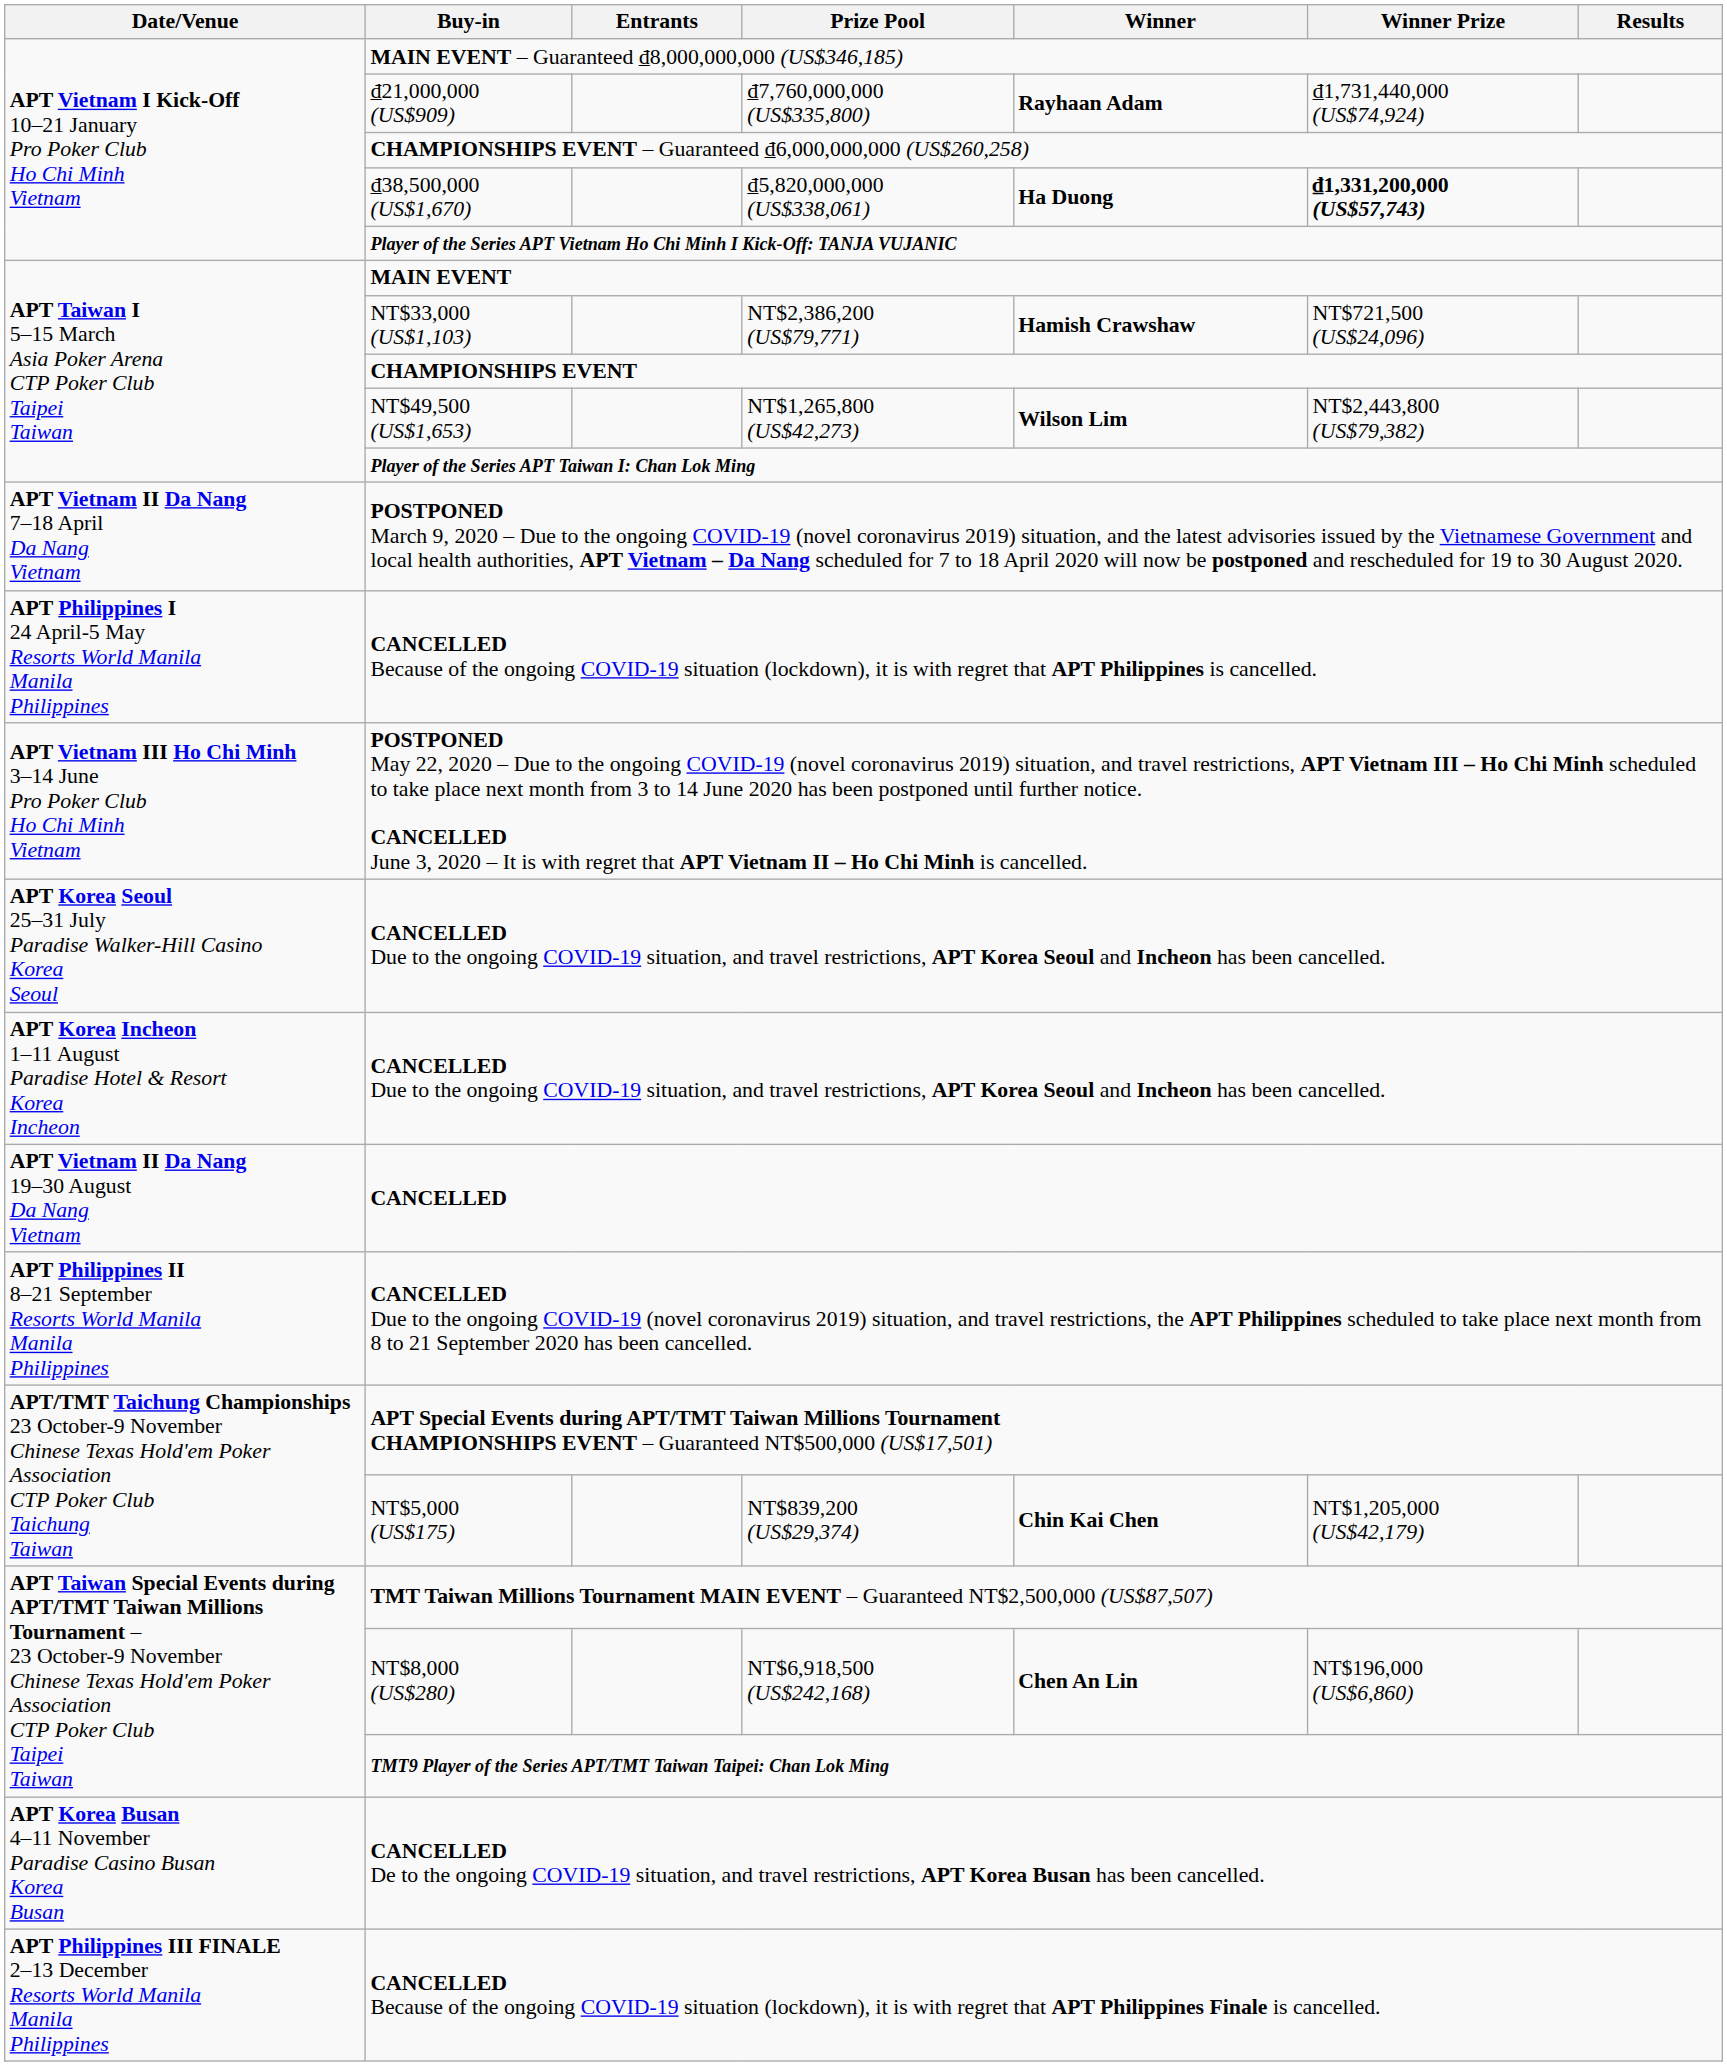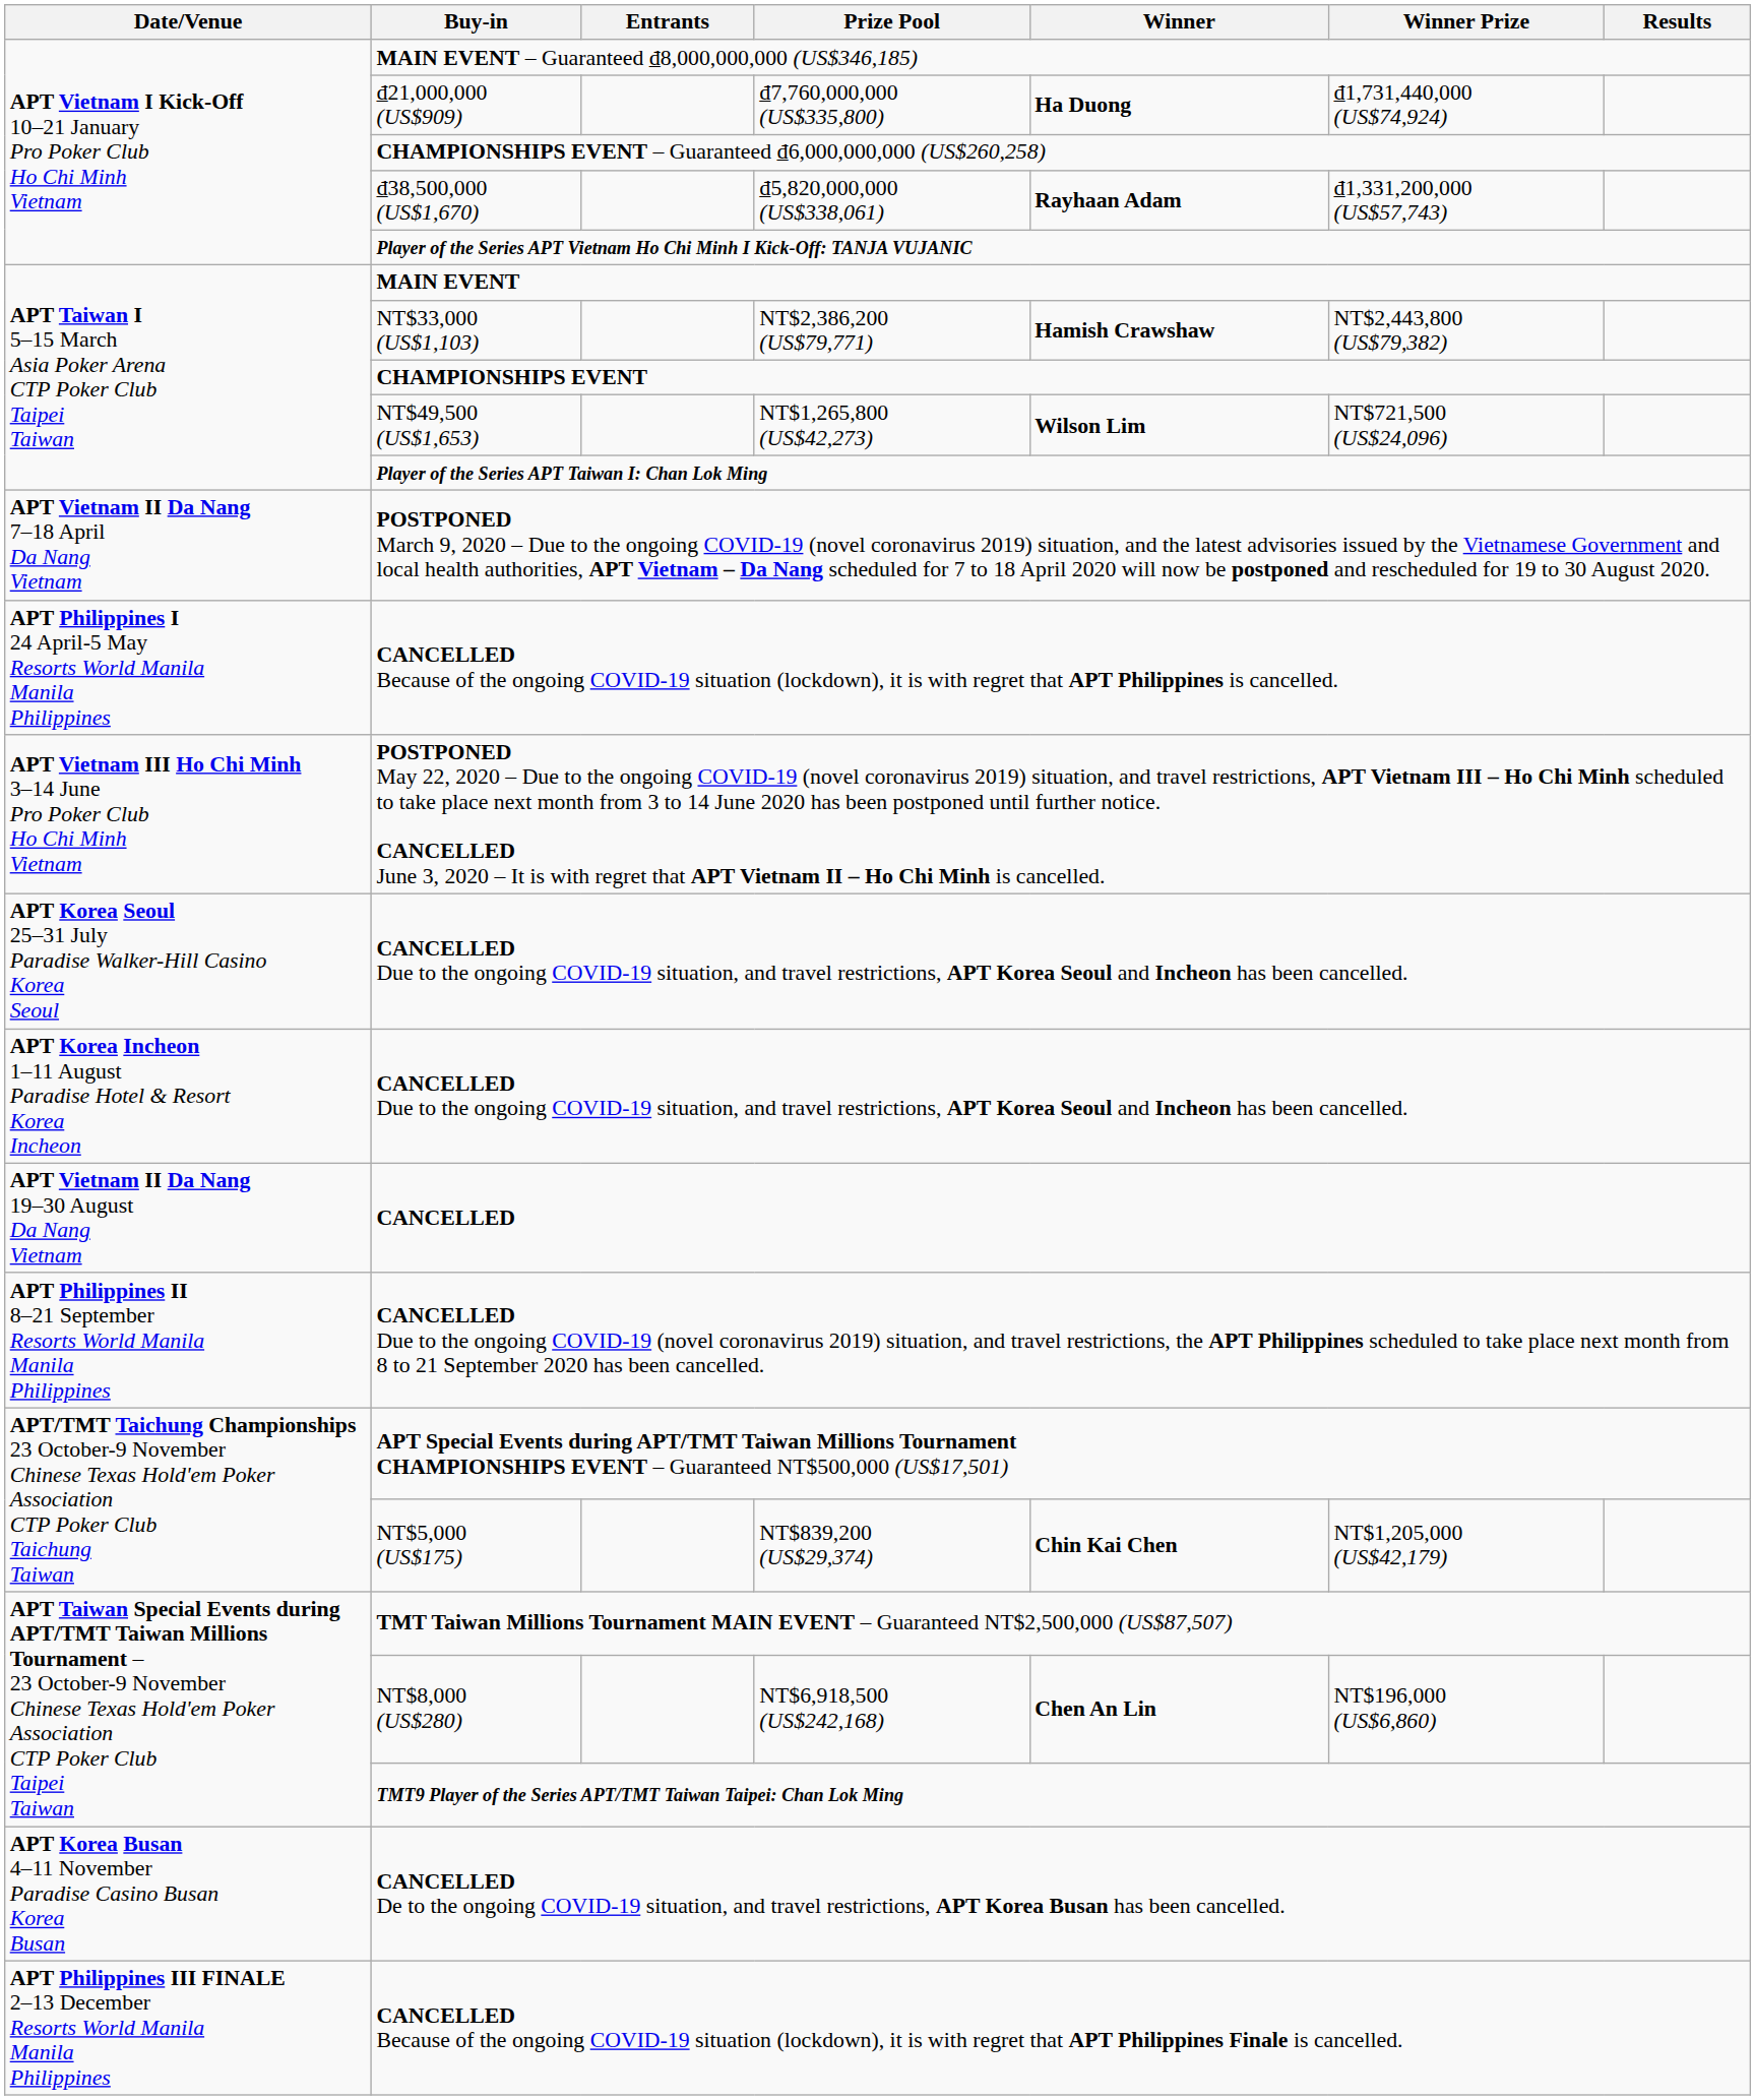 <table class="wikitable" width="100%">
 <tr>
 <th width="21%">Date/Venue</th>
 <th width="12%">Buy-in</th>
 <th !width="11%">Entrants</th>
 <th !width="14%">Prize Pool</th>
 <th !width="18%">Winner</th>
 <th !width="14%">Winner Prize</th>
 <th !width="11%">Results</th>
 </tr>
 <tr>
 <td rowspan="5"> <strong>APT <a href='#'>Vietnam</a> I Kick-Off</strong><br>10–21 January<br><em>Pro Poker Club<br><a href='#'>Ho Chi Minh</a><br><a href='#'>Vietnam</a></em></td>
 <td colspan="6"><strong>MAIN EVENT</strong> – Guaranteed ₫8,000,000,000 <em>(US$346,185)</em></td>
 </tr>
 <tr>
 <td>₫21,000,000<br><em>(US$909)</em></td>
 <td></td>
 <td>₫7,760,000,000<br><em>(US$335,800)</em></td>
-<td> <strong>Rayhaan Adam</strong></td>
+<td> <strong>Ha Duong</strong></td>
 <td>₫1,731,440,000<br><em>(US$74,924)</em></td>
 <td></td>
 </tr>
 <tr>
 <td colspan="6"><strong>CHAMPIONSHIPS EVENT</strong> – Guaranteed ₫6,000,000,000 <em>(US$260,258)</em></td>
 </tr>
 <tr>
 <td>₫38,500,000<br><em>(US$1,670)</em></td>
 <td></td>
 <td>₫5,820,000,000<br><em>(US$338,061)</em></td>
-<td> <strong>Ha Duong</strong></td>
-<td><strong>₫1,331,200,000<br><em>(US$57,743)</em></strong></td>
+<td> <strong>Rayhaan Adam</strong></td>
+<td>₫1,331,200,000<br><em>(US$57,743)</em></td>
 <td></td>
 </tr>
 <tr>
 <td colspan="6"><small><strong><em>Player of the Series<strong> APT Vietnam Ho Chi Minh I Kick-Off:  </strong>TANJA VUJANIC</em></strong></small></td>
 </tr>
 <tr>
 <td rowspan="5"> <strong>APT <a href='#'>Taiwan</a> I</strong><br>5–15 March<br><em>Asia Poker Arena<br>CTP Poker Club<br><a href='#'>Taipei</a><br><a href='#'>Taiwan</a></em></td>
 <td colspan="6"><strong>MAIN EVENT</strong></td>
 </tr>
 <tr>
 <td>NT$33,000<br><em>(US$1,103)</em></td>
 <td></td>
 <td>NT$2,386,200<br><em>(US$79,771)</em></td>
 <td> <strong>Hamish Crawshaw</strong></td>
-<td>NT$721,500<br><em>(US$24,096)</em></td>
+<td>NT$2,443,800<br><em>(US$79,382)</em></td>
 <td></td>
 </tr>
 <tr>
 <td colspan="6"><strong>CHAMPIONSHIPS EVENT</strong></td>
 </tr>
 <tr>
 <td>NT$49,500<br><em>(US$1,653)</em></td>
 <td></td>
 <td>NT$1,265,800<br><em>(US$42,273)</em></td>
 <td> <strong>Wilson Lim</strong></td>
-<td>NT$2,443,800<br><em>(US$79,382)</em></td>
+<td>NT$721,500<br><em>(US$24,096)</em></td>
 <td></td>
 </tr>
 <tr>
 <td colspan="6"><small><strong><em>Player of the Series<strong> APT Taiwan I:  </strong>Chan Lok Ming</em></strong></small></td>
 </tr>
 <tr>
 <td> <strong>APT <a href='#'>Vietnam</a> II <a href='#'>Da Nang</a></strong><br>7–18 April<br><em><a href='#'>Da Nang</a><br><a href='#'>Vietnam</a></em></td>
 <td colspan="6"><strong>POSTPONED</strong><br>March 9, 2020 – Due to the ongoing <a href='#'>COVID-19</a> (novel coronavirus 2019) situation, and the latest advisories issued by the <a href='#'>Vietnamese Government</a> and local health authorities, <strong>APT <a href='#'>Vietnam</a> – <a href='#'>Da Nang</a></strong> scheduled for 7 to 18 April 2020 will now be <strong>postponed</strong> and rescheduled for 19 to 30 August 2020.</td>
 </tr>
 <tr>
 <td> <strong>APT <a href='#'>Philippines</a> I</strong><br>24 April-5 May<br><em><a href='#'>Resorts World Manila</a><br><a href='#'>Manila</a><br><a href='#'>Philippines</a></em></td>
 <td colspan="6"><strong>CANCELLED</strong><br>Because of the ongoing <a href='#'>COVID-19</a> situation (lockdown), it is with regret that <strong>APT Philippines</strong> is cancelled.</td>
 </tr>
 <tr>
 <td> <strong>APT <a href='#'>Vietnam</a> III <a href='#'>Ho Chi Minh</a></strong><br>3–14 June<br><em>Pro Poker Club<br><a href='#'>Ho Chi Minh</a><br><a href='#'>Vietnam</a></em></td>
 <td colspan="6"><strong>POSTPONED</strong><br>May 22, 2020 – Due to the ongoing <a href='#'>COVID-19</a> (novel coronavirus 2019) situation, and travel restrictions, <strong>APT Vietnam III – Ho Chi Minh</strong> scheduled to take place next month from 3 to 14 June 2020 has been postponed until further notice.<br><br> <strong>CANCELLED</strong><br> June 3, 2020 – It is with regret that <strong>APT Vietnam II – Ho Chi Minh</strong> is cancelled.</td>
 </tr>
 <tr>
 <td> <strong>APT <a href='#'>Korea</a> <a href='#'>Seoul</a></strong><br>25–31 July<br><em>Paradise Walker-Hill Casino<br><a href='#'>Korea</a><br><a href='#'>Seoul</a></em></td>
 <td colspan="6"><strong>CANCELLED</strong><br>Due to the ongoing <a href='#'>COVID-19</a> situation, and travel restrictions, <strong>APT Korea Seoul</strong> and <strong>Incheon</strong> has been cancelled.</td>
 </tr>
 <tr>
 <td> <strong>APT <a href='#'>Korea</a> <a href='#'>Incheon</a></strong><br>1–11 August<br><em>Paradise Hotel & Resort<br><a href='#'>Korea</a><br><a href='#'>Incheon</a></em></td>
 <td colspan="6"><strong>CANCELLED</strong><br>Due to the ongoing <a href='#'>COVID-19</a> situation, and travel restrictions, <strong>APT Korea Seoul</strong> and <strong>Incheon</strong> has been cancelled.</td>
 </tr>
 <tr>
 <td> <strong>APT <a href='#'>Vietnam</a> II <a href='#'>Da Nang</a></strong><br>19–30 August<br><em><a href='#'>Da Nang</a><br><a href='#'>Vietnam</a></em></td>
 <td colspan="6"><strong>CANCELLED</strong></td>
 </tr>
 <tr>
 <td> <strong>APT <a href='#'>Philippines</a> II</strong><br>8–21 September<br><em><a href='#'>Resorts World Manila</a><br><a href='#'>Manila</a><br><a href='#'>Philippines</a></em></td>
 <td colspan="6"><strong>CANCELLED</strong><br>Due to the ongoing <a href='#'>COVID-19</a> (novel coronavirus 2019) situation, and travel restrictions, the <strong>APT Philippines</strong> scheduled to take place next month from 8 to 21 September 2020 has been cancelled.</td>
 </tr>
 <tr>
 <td rowspan="2"> <strong>APT/TMT <a href='#'>Taichung</a> Championships</strong> <br>23 October-9 November<br><em>Chinese Texas Hold'em Poker Association<br>CTP Poker Club<br><a href='#'>Taichung</a><br><a href='#'>Taiwan</a></em></td>
 <td colspan="6"><strong>APT Special Events during APT/TMT Taiwan Millions Tournament</strong><br><strong>CHAMPIONSHIPS EVENT</strong> – Guaranteed NT$500,000 <em>(US$17,501)</em></td>
 </tr>
 <tr>
 <td>NT$5,000<br><em>(US$175)</em></td>
 <td></td>
 <td>NT$839,200<br><em>(US$29,374)</em></td>
 <td> <strong>Chin Kai Chen</strong></td>
 <td>NT$1,205,000<br><em>(US$42,179)</em></td>
 <td></td>
 </tr>
 <tr>
 <td rowspan="3"> <strong>APT <a href='#'>Taiwan</a> Special Events during APT/TMT Taiwan Millions Tournament</strong>  – <br>23 October-9 November<br><em>Chinese Texas Hold'em Poker Association<br>CTP Poker Club<br><a href='#'>Taipei</a><br><a href='#'>Taiwan</a></em></td>
 <td colspan="6"><strong>TMT Taiwan Millions Tournament MAIN EVENT</strong> – Guaranteed NT$2,500,000 <em>(US$87,507)</em></td>
 </tr>
 <tr>
 <td>NT$8,000<br><em>(US$280)</em></td>
 <td></td>
 <td>NT$6,918,500<br><em>(US$242,168)</em></td>
 <td> <strong>Chen An Lin</strong></td>
 <td>NT$196,000<br><em>(US$6,860)</em></td>
 <td></td>
 </tr>
 <tr>
 <td colspan="6"><small><strong><em>TMT9 Player of the Series<strong> APT/TMT Taiwan Taipei:  </strong>Chan Lok Ming</em></strong></small></td>
 </tr>
 <tr>
 <td> <strong>APT <a href='#'>Korea</a> <a href='#'>Busan</a></strong><br>4–11 November<br><em>Paradise Casino Busan<br><a href='#'>Korea</a><br><a href='#'>Busan</a></em></td>
 <td colspan="6"><strong>CANCELLED</strong><br>De to the ongoing <a href='#'>COVID-19</a> situation, and travel restrictions, <strong>APT Korea Busan</strong> has been cancelled.</td>
 </tr>
 <tr>
 <td> <strong>APT <a href='#'>Philippines</a> III FINALE</strong><br>2–13 December<br><em><a href='#'>Resorts World Manila</a><br><a href='#'>Manila</a><br><a href='#'>Philippines</a></em></td>
 <td colspan="6"><strong>CANCELLED</strong><br>Because of the ongoing <a href='#'>COVID-19</a> situation (lockdown), it is with regret that <strong>APT Philippines Finale</strong> is cancelled.</td>
 </tr>
 </table>
